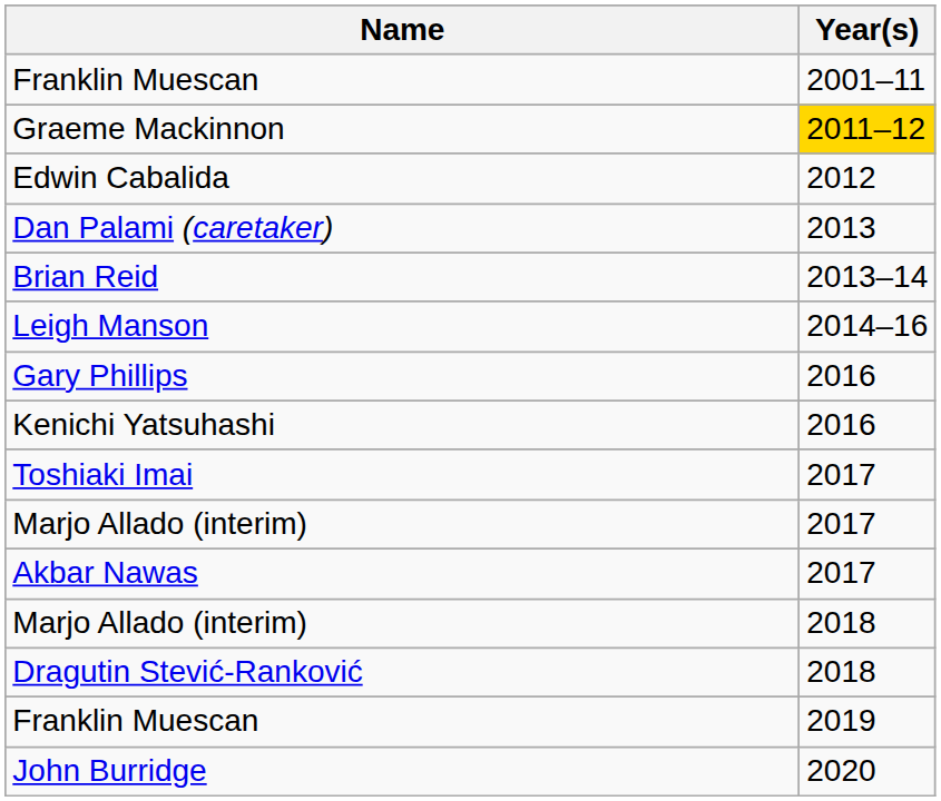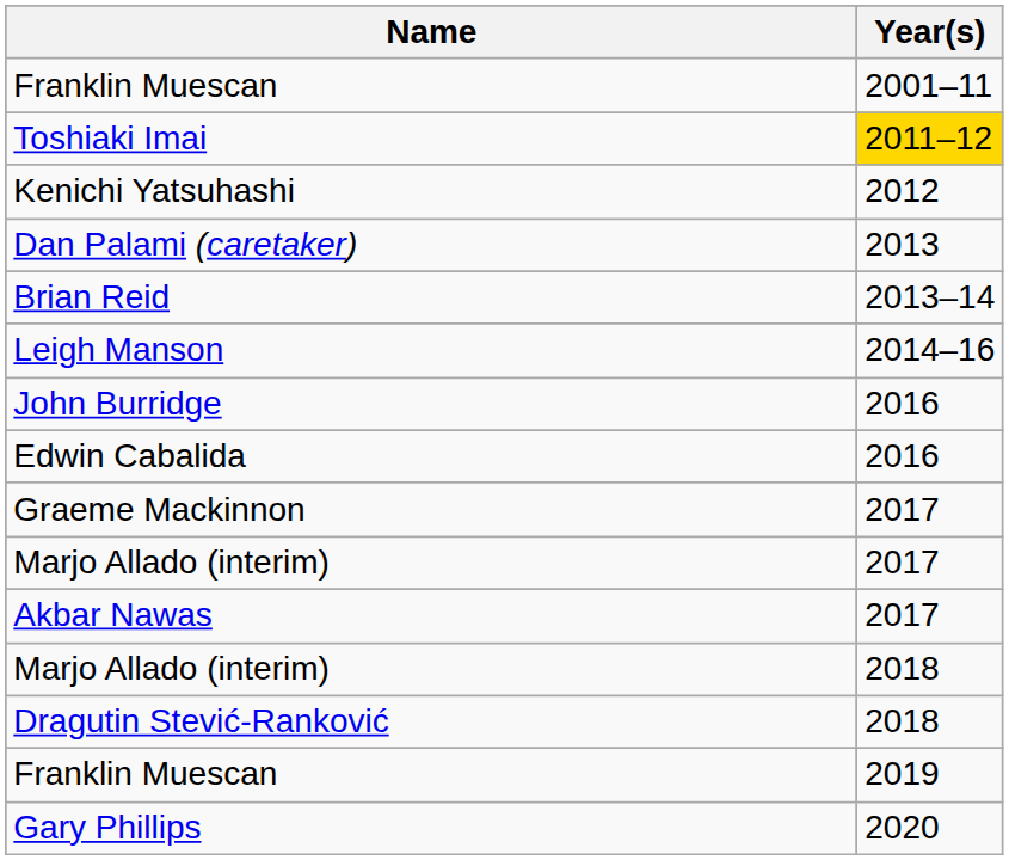 <table class="wikitable" style="text-align: left">
 <tr>
 <th style="width:25em">Name</th>
 <th>Year(s)</th>
 </tr>
 <tr>
 <td> Franklin Muescan</td>
 <td>2001–11</td>
 </tr>
 <tr>
-<td> Graeme Mackinnon</td>
+<td> <a href='#'>Toshiaki Imai</a></td>
 <td style="background: gold;">2011–12</td>
 </tr>
 <tr>
-<td> Edwin Cabalida</td>
+<td> Kenichi Yatsuhashi</td>
 <td>2012</td>
 </tr>
 <tr>
 <td> <a href='#'>Dan Palami</a> <em>(<a href='#'>caretaker</a>)</em></td>
 <td>2013</td>
 </tr>
 <tr>
 <td> <a href='#'>Brian Reid</a></td>
 <td>2013–14</td>
 </tr>
 <tr>
 <td> <a href='#'>Leigh Manson</a></td>
 <td>2014–16</td>
 </tr>
 <tr>
-<td> <a href='#'>Gary Phillips</a></td>
+<td> <a href='#'>John Burridge</a></td>
 <td>2016</td>
 </tr>
 <tr>
-<td> Kenichi Yatsuhashi</td>
+<td> Edwin Cabalida</td>
 <td>2016</td>
 </tr>
 <tr>
-<td> <a href='#'>Toshiaki Imai</a></td>
+<td> Graeme Mackinnon</td>
 <td>2017</td>
 </tr>
 <tr>
 <td> Marjo Allado (interim)</td>
 <td>2017</td>
 </tr>
 <tr>
 <td> <a href='#'>Akbar Nawas</a></td>
 <td>2017</td>
 </tr>
 <tr>
 <td> Marjo Allado (interim)</td>
 <td>2018</td>
 </tr>
 <tr>
 <td> <a href='#'>Dragutin Stević-Ranković</a></td>
 <td>2018</td>
 </tr>
 <tr>
 <td> Franklin Muescan</td>
 <td>2019</td>
 </tr>
 <tr>
-<td> <a href='#'>John Burridge</a></td>
+<td> <a href='#'>Gary Phillips</a></td>
 <td>2020</td>
 </tr>
 </table>
